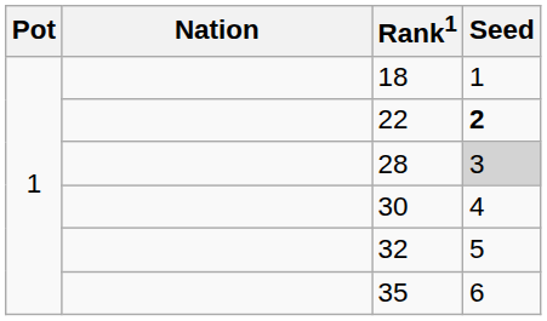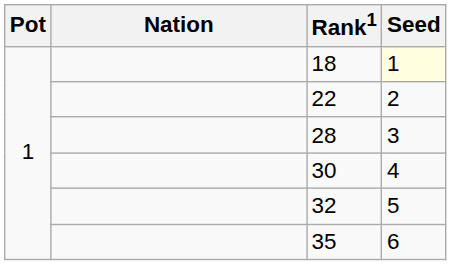 <table class="wikitable">
 <tr>
 <th>Pot</th>
 <th width="175">Nation</th>
 <th>Rank<sup>1</sup></th>
 <th>Seed</th>
 </tr>
 <tr>
 <td rowspan=6 style="text-align:center;">1</td>
 <td></td>
 <td>18</td>
-<td>1</td>
+<td style="background: lightyellow;">1</td>
 </tr>
 <tr>
 <td></td>
 <td>22</td>
-<td><strong>2</strong></td>
+<td>2</td>
 </tr>
 <tr>
 <td></td>
 <td>28</td>
-<td style="background: lightgrey;">3</td>
+<td>3</td>
 </tr>
 <tr>
 <td></td>
 <td>30</td>
 <td>4</td>
 </tr>
 <tr>
 <td></td>
 <td>32</td>
 <td>5</td>
 </tr>
 <tr>
 <td></td>
 <td>35</td>
 <td>6</td>
 </tr>
 </table>
